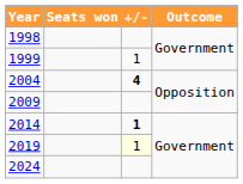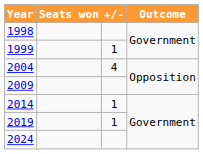 <table class="wikitable sortable">
 <tr>
 <th style="background-color:#FF9933; color:white">Year</th>
 <th style="background-color:#FF9933; color:white">Seats won</th>
 <th style="background-color:#FF9933; color:white">+/-</th>
 <th style="background-color:#FF9933; color:white">Outcome</th>
 </tr>
 <tr style="text-align:center;">
 <td><a href='#'>1998</a></td>
 <td></td>
 <td></td>
 <td rowspan="2">Government</td>
 </tr>
 <tr style="text-align:center;">
 <td><a href='#'>1999</a></td>
 <td></td>
 <td> 1</td>
 </tr>
 <tr style="text-align:center;">
 <td><a href='#'>2004</a></td>
 <td></td>
-<td><strong> 4</strong></td>
+<td> 4</td>
 <td rowspan="2">Opposition</td>
 </tr>
 <tr style="text-align:center;">
 <td><a href='#'>2009</a></td>
 <td></td>
 <td></td>
 </tr>
 <tr style="text-align:center;">
 <td><a href='#'>2014</a></td>
 <td></td>
-<td><strong> 1</strong></td>
+<td> 1</td>
 <td rowspan="3">Government</td>
 </tr>
 <tr style="text-align:center;">
 <td><a href='#'>2019</a></td>
 <td></td>
-<td style="background: lightyellow;"> 1</td>
+<td> 1</td>
 </tr>
 <tr style="text-align:center;">
 <td><a href='#'>2024</a></td>
 <td></td>
 <td></td>
 </tr>
 </table>
